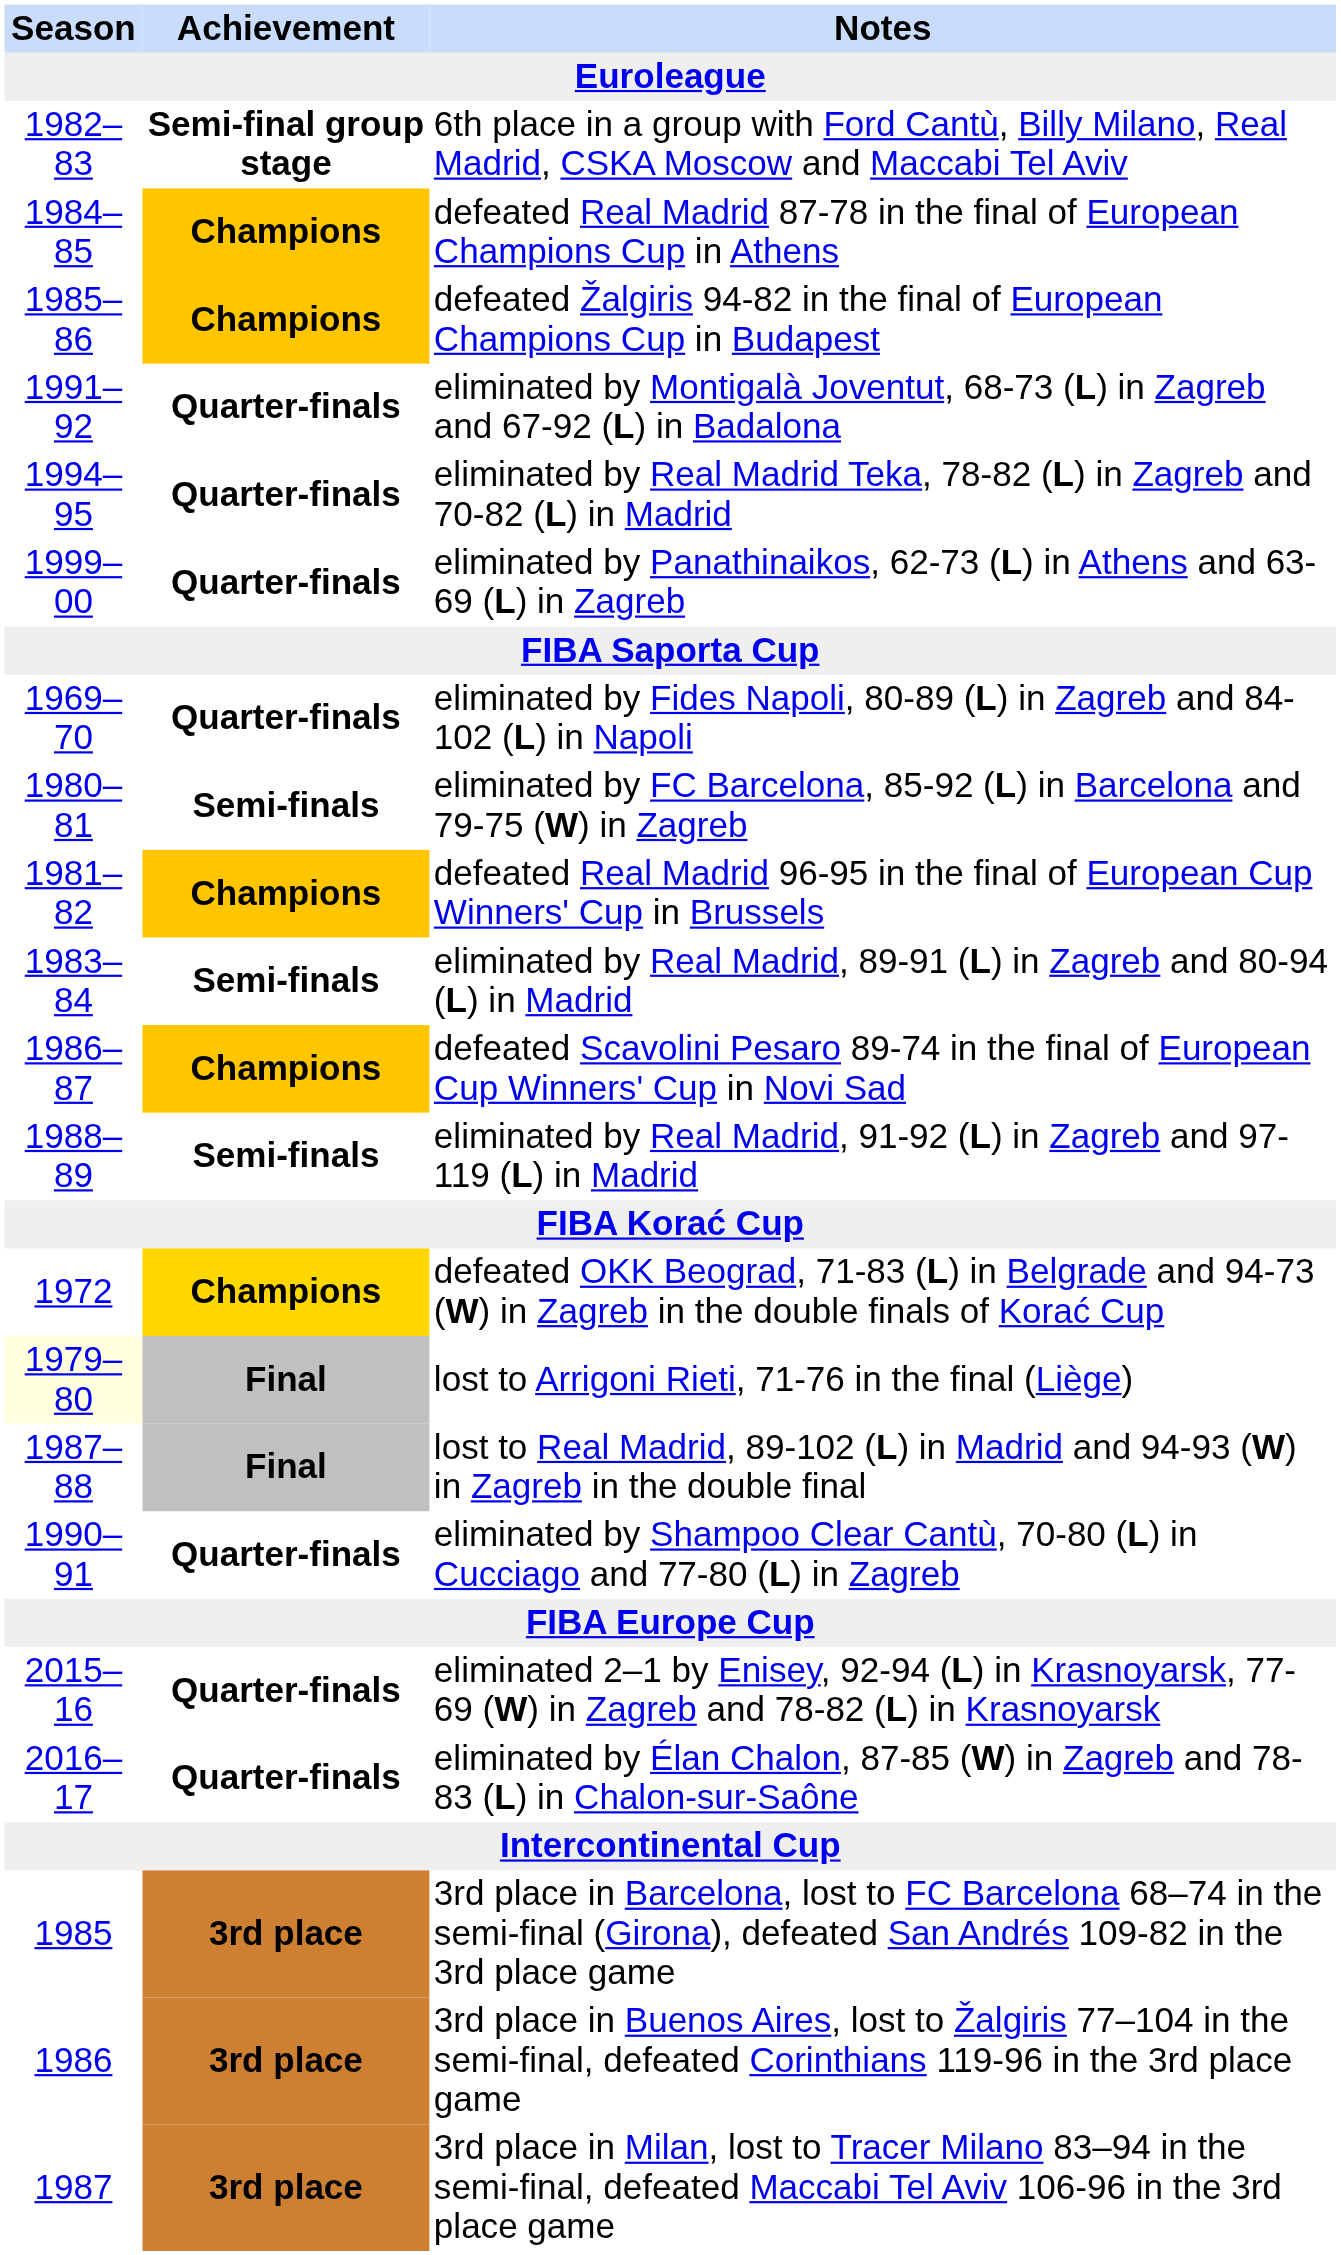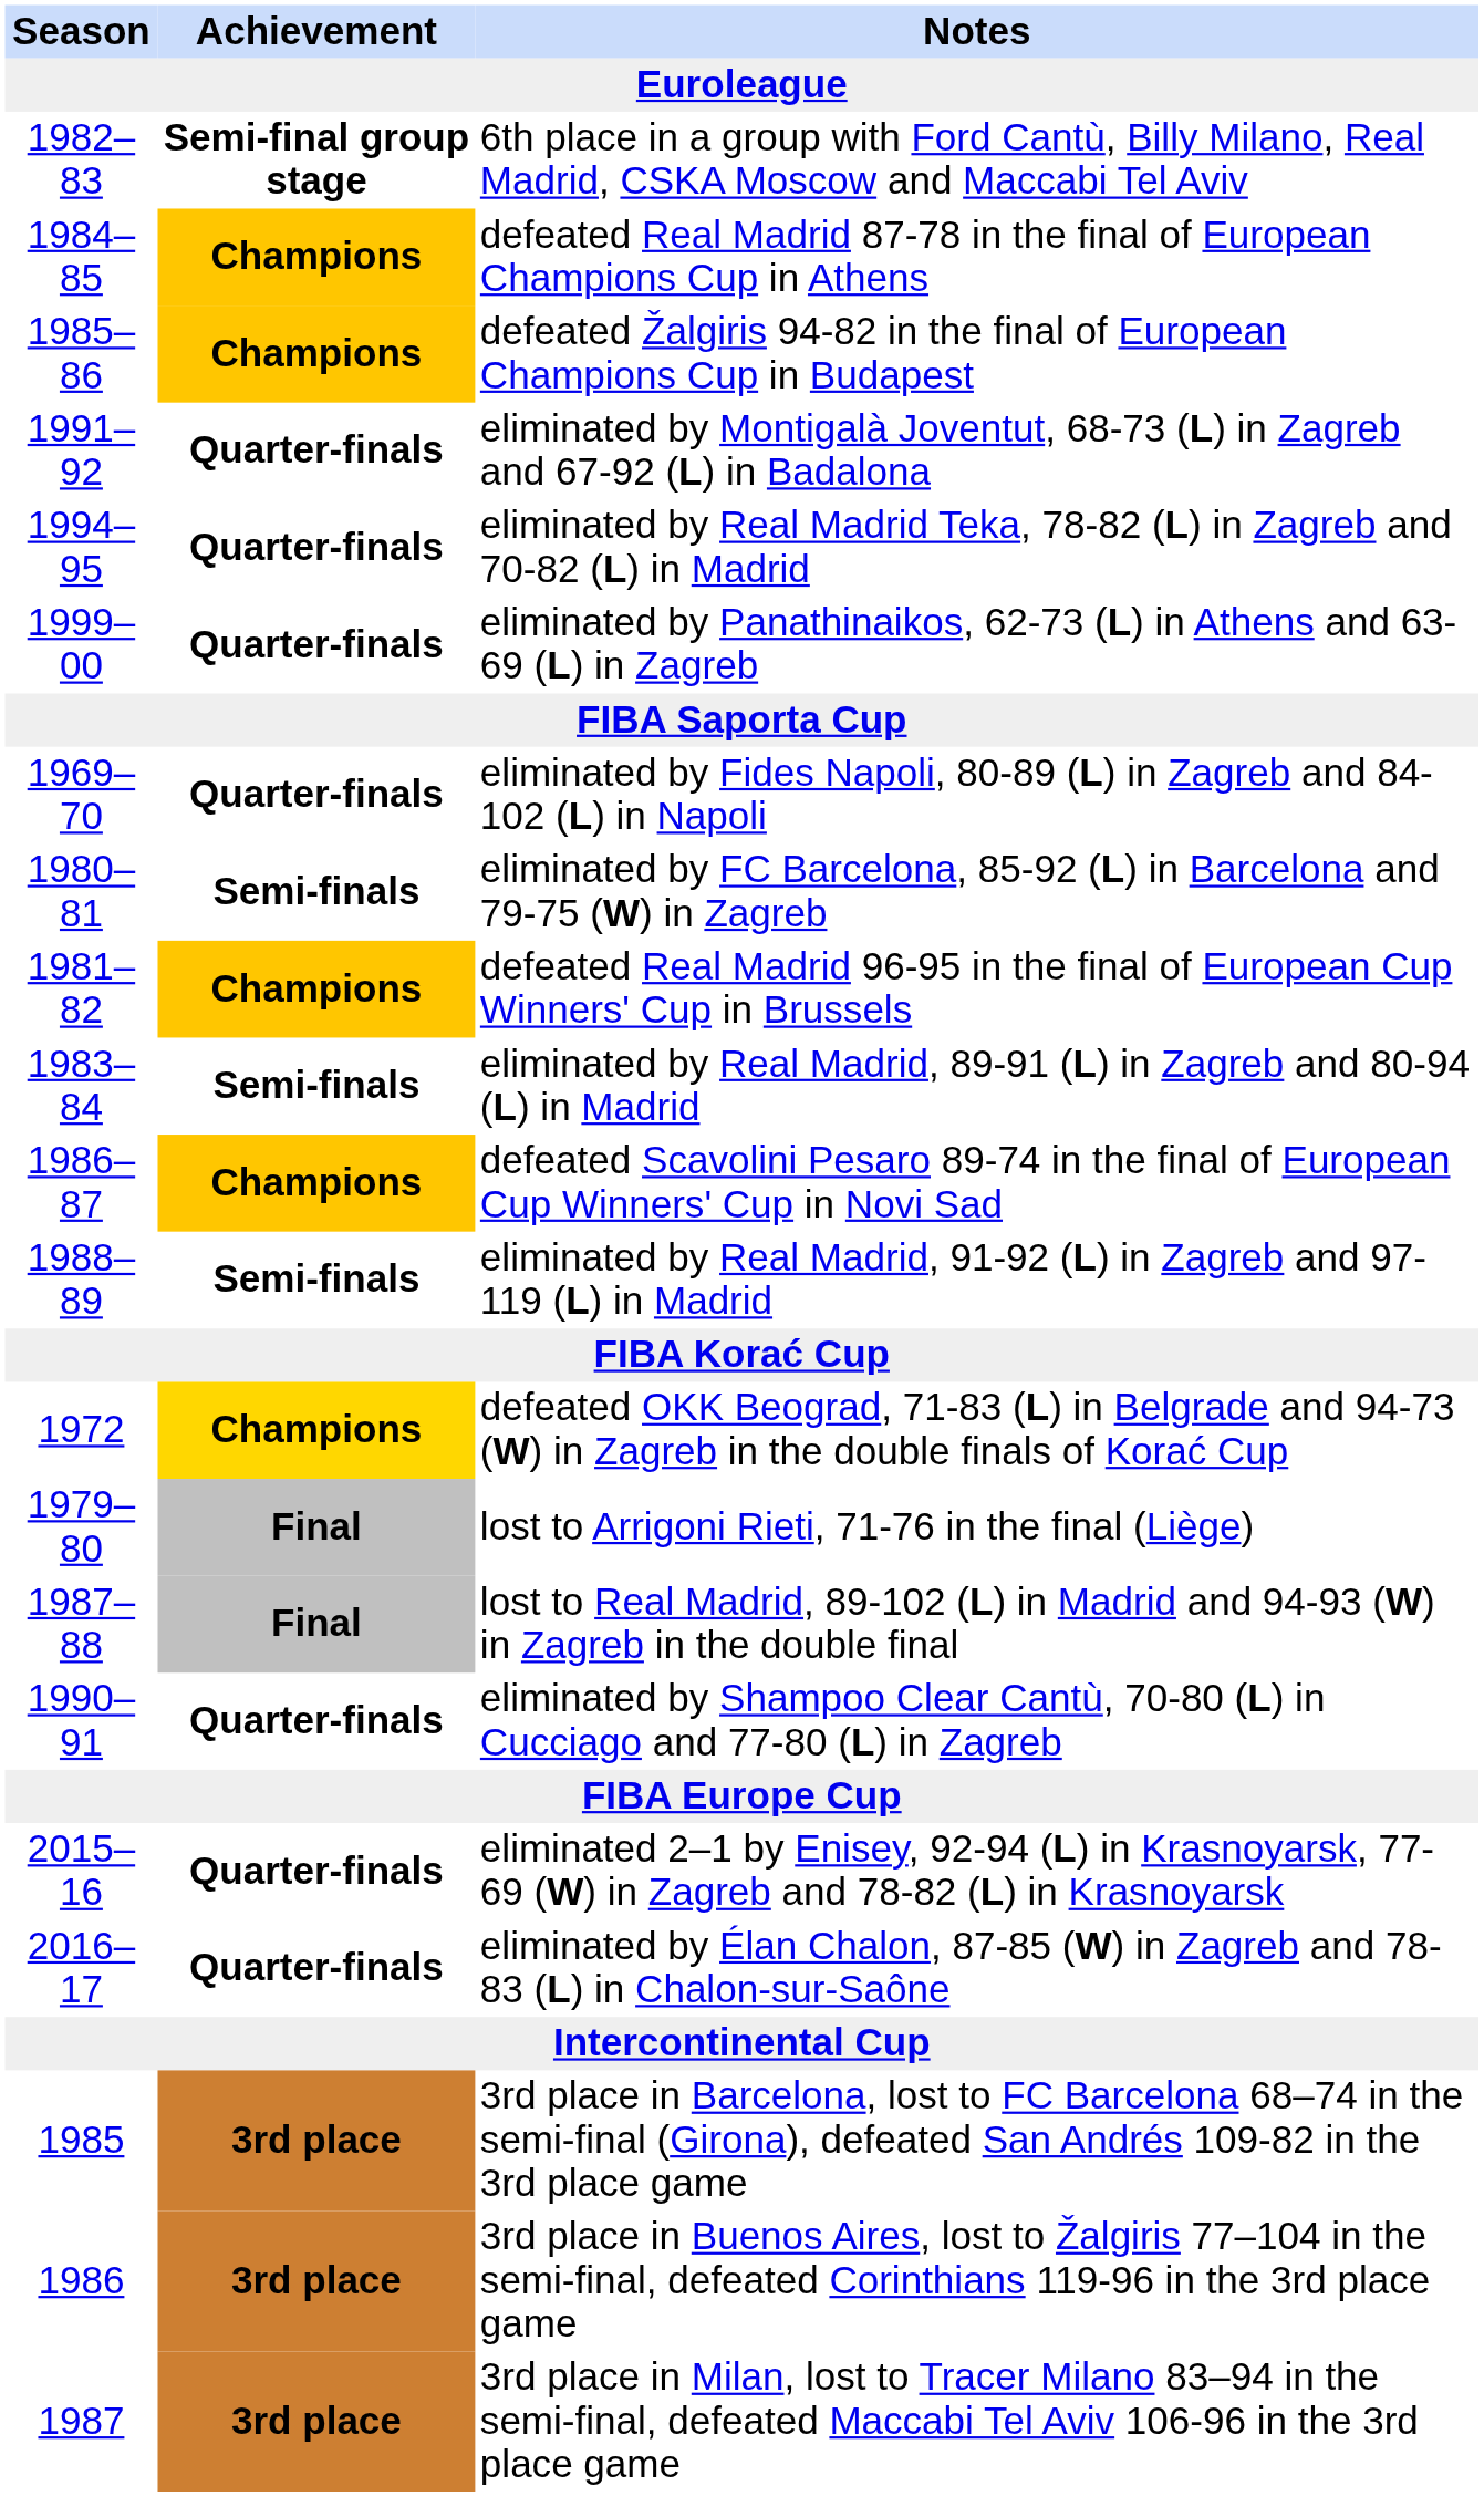 <table class="toccolours" border="0" cellpadding="2" cellspacing="0" align="left" style="margin:0.5em;">
 <tr bgcolor=#CADCFB>
 <th>Season</th>
 <th>Achievement</th>
 <th>Notes</th>
 </tr>
 <tr>
 <th colspan="4" bgcolor=#EFEFEF><a href='#'>Euroleague</a></th>
 </tr>
 <tr>
 <td align="center"><a href='#'>1982–83</a></td>
 <td align="center"><strong>Semi-final group stage</strong></td>
 <td align="left">6th place in a group with <a href='#'>Ford Cantù</a>, <a href='#'>Billy Milano</a>, <a href='#'>Real Madrid</a>, <a href='#'>CSKA Moscow</a> and <a href='#'>Maccabi Tel Aviv</a></td>
 </tr>
 <tr>
 <td align="center"><a href='#'>1984–85</a></td>
 <td align="center" bgcolor="#FFC600"><strong>Champions</strong></td>
 <td align="left">defeated <a href='#'>Real Madrid</a> 87-78 in the final of <a href='#'>European Champions Cup</a> in <a href='#'>Athens</a></td>
 </tr>
 <tr>
 <td align="center"><a href='#'>1985–86</a></td>
 <td align="center" bgcolor="#FFC600"><strong>Champions</strong></td>
 <td align="left">defeated <a href='#'>Žalgiris</a> 94-82 in the final of <a href='#'>European Champions Cup</a> in <a href='#'>Budapest</a></td>
 </tr>
 <tr>
 <td align="center"><a href='#'>1991–92</a></td>
 <td align="center"><strong>Quarter-finals</strong></td>
 <td align="left">eliminated by <a href='#'>Montigalà Joventut</a>, 68-73 (<strong>L</strong>) in <a href='#'>Zagreb</a> and 67-92 (<strong>L</strong>) in <a href='#'>Badalona</a></td>
 </tr>
 <tr>
 <td align="center"><a href='#'>1994–95</a></td>
 <td align="center"><strong>Quarter-finals</strong></td>
 <td align="left">eliminated by <a href='#'>Real Madrid Teka</a>, 78-82 (<strong>L</strong>) in <a href='#'>Zagreb</a> and 70-82 (<strong>L</strong>) in <a href='#'>Madrid</a></td>
 </tr>
 <tr>
 <td align="center"><a href='#'>1999–00</a></td>
 <td align="center"><strong>Quarter-finals</strong></td>
 <td align="left">eliminated by <a href='#'>Panathinaikos</a>, 62-73 (<strong>L</strong>) in <a href='#'>Athens</a> and 63-69 (<strong>L</strong>) in <a href='#'>Zagreb</a></td>
 </tr>
 <tr>
 <th colspan=4 bgcolor=#EFEFEF><a href='#'>FIBA Saporta Cup</a></th>
 </tr>
 <tr>
 <td align="center"><a href='#'>1969–70</a></td>
 <td align="center"><strong>Quarter-finals</strong></td>
 <td align="left">eliminated by <a href='#'>Fides Napoli</a>, 80-89 (<strong>L</strong>) in <a href='#'>Zagreb</a> and 84-102 (<strong>L</strong>) in <a href='#'>Napoli</a></td>
 </tr>
 <tr>
 <td align="center"><a href='#'>1980–81</a></td>
 <td align="center"><strong>Semi-finals</strong></td>
 <td align="left">eliminated by <a href='#'>FC Barcelona</a>, 85-92 (<strong>L</strong>) in <a href='#'>Barcelona</a> and 79-75 (<strong>W</strong>) in <a href='#'>Zagreb</a></td>
 </tr>
 <tr>
 <td align="center"><a href='#'>1981–82</a></td>
 <td align="center" bgcolor="#FFC600"><strong>Champions</strong></td>
 <td align="left">defeated <a href='#'>Real Madrid</a> 96-95 in the final of <a href='#'>European Cup Winners' Cup</a> in <a href='#'>Brussels</a></td>
 </tr>
 <tr>
 <td align="center"><a href='#'>1983–84</a></td>
 <td align="center"><strong>Semi-finals</strong></td>
 <td align="left">eliminated by <a href='#'>Real Madrid</a>, 89-91 (<strong>L</strong>) in <a href='#'>Zagreb</a> and 80-94 (<strong>L</strong>) in <a href='#'>Madrid</a></td>
 </tr>
 <tr>
 <td align="center"><a href='#'>1986–87</a></td>
 <td align="center" bgcolor="#FFC600"><strong>Champions</strong></td>
 <td align="left">defeated <a href='#'>Scavolini Pesaro</a> 89-74 in the final of <a href='#'>European Cup Winners' Cup</a> in <a href='#'>Novi Sad</a></td>
 </tr>
 <tr>
 <td align="center"><a href='#'>1988–89</a></td>
 <td align="center"><strong>Semi-finals</strong></td>
 <td align="left">eliminated by <a href='#'>Real Madrid</a>, 91-92 (<strong>L</strong>) in <a href='#'>Zagreb</a> and 97-119 (<strong>L</strong>) in <a href='#'>Madrid</a></td>
 </tr>
 <tr>
 <th colspan=4 bgcolor=#EFEFEF><a href='#'>FIBA Korać Cup</a></th>
 </tr>
 <tr>
 <td align="center"><a href='#'>1972</a></td>
 <td align="center" bgcolor="gold"><strong>Champions</strong></td>
 <td align="left">defeated <a href='#'>OKK Beograd</a>, 71-83 (<strong>L</strong>) in <a href='#'>Belgrade</a> and 94-73 (<strong>W</strong>) in <a href='#'>Zagreb</a> in the double finals of <a href='#'>Korać Cup</a></td>
 </tr>
 <tr>
-<td align="center" style="background: lightyellow;"><a href='#'>1979–80</a></td>
+<td align="center"><a href='#'>1979–80</a></td>
 <td align="center" bgcolor= silver><strong>Final</strong></td>
 <td align="left">lost to <a href='#'>Arrigoni Rieti</a>, 71-76 in the final (<a href='#'>Liège</a>)</td>
 </tr>
 <tr>
 <td align="center"><a href='#'>1987–88</a></td>
 <td align="center" bgcolor= silver><strong>Final</strong></td>
 <td align="left">lost to <a href='#'>Real Madrid</a>, 89-102 (<strong>L</strong>) in <a href='#'>Madrid</a> and 94-93 (<strong>W</strong>) in <a href='#'>Zagreb</a> in the double final</td>
 </tr>
 <tr>
 <td align="center"><a href='#'>1990–91</a></td>
 <td align="center"><strong>Quarter-finals</strong></td>
 <td align="left">eliminated by <a href='#'>Shampoo Clear Cantù</a>, 70-80 (<strong>L</strong>) in <a href='#'>Cucciago</a> and 77-80 (<strong>L</strong>) in <a href='#'>Zagreb</a></td>
 </tr>
 <tr>
 <th colspan=4 bgcolor=#EFEFEF><a href='#'>FIBA Europe Cup</a></th>
 </tr>
 <tr>
 <td align="center"><a href='#'>2015–16</a></td>
 <td align="center"><strong>Quarter-finals</strong></td>
 <td align="left">eliminated 2–1 by <a href='#'>Enisey</a>, 92-94 (<strong>L</strong>) in <a href='#'>Krasnoyarsk</a>, 77-69 (<strong>W</strong>) in <a href='#'>Zagreb</a> and 78-82 (<strong>L</strong>) in <a href='#'>Krasnoyarsk</a></td>
 </tr>
 <tr>
 <td align="center"><a href='#'>2016–17</a></td>
 <td align="center"><strong>Quarter-finals</strong></td>
 <td align="left">eliminated by <a href='#'>Élan Chalon</a>, 87-85 (<strong>W</strong>) in <a href='#'>Zagreb</a> and 78-83 (<strong>L</strong>) in <a href='#'>Chalon-sur-Saône</a></td>
 </tr>
 <tr>
 <th colspan=4 bgcolor=#EFEFEF><a href='#'>Intercontinental Cup</a></th>
 </tr>
 <tr>
 <td align="center"><a href='#'>1985</a></td>
 <td align="center" bgcolor= #CD7F32><strong>3rd place</strong></td>
 <td align="left">3rd place in <a href='#'>Barcelona</a>, lost to <a href='#'>FC Barcelona</a> 68–74 in the semi-final (<a href='#'>Girona</a>), defeated <a href='#'>San Andrés</a> 109-82 in the 3rd place game</td>
 </tr>
 <tr>
 <td align="center"><a href='#'>1986</a></td>
 <td align="center" bgcolor= #CD7F32><strong>3rd place</strong></td>
 <td align="left">3rd place in <a href='#'>Buenos Aires</a>, lost to <a href='#'>Žalgiris</a> 77–104 in the semi-final, defeated <a href='#'>Corinthians</a> 119-96 in the 3rd place game</td>
 </tr>
 <tr>
 <td align="center"><a href='#'>1987</a></td>
 <td align="center" bgcolor= #CD7F32><strong>3rd place</strong></td>
 <td align="left">3rd place in <a href='#'>Milan</a>, lost to <a href='#'>Tracer Milano</a> 83–94 in the semi-final, defeated <a href='#'>Maccabi Tel Aviv</a> 106-96 in the 3rd place game</td>
 </tr>
 </table>
